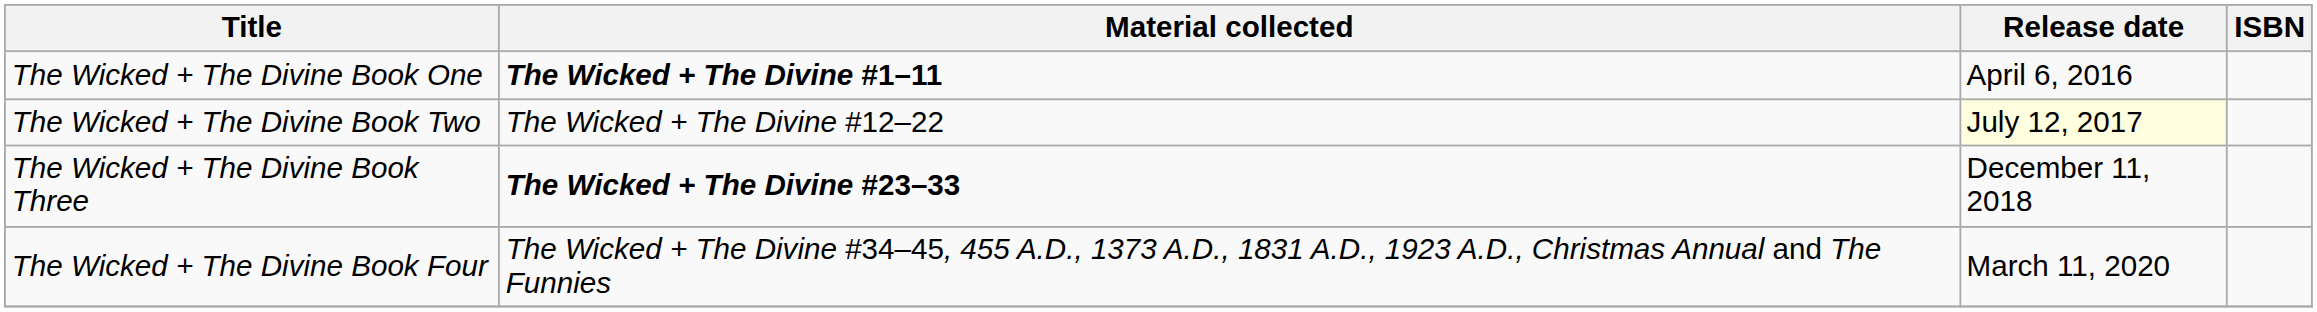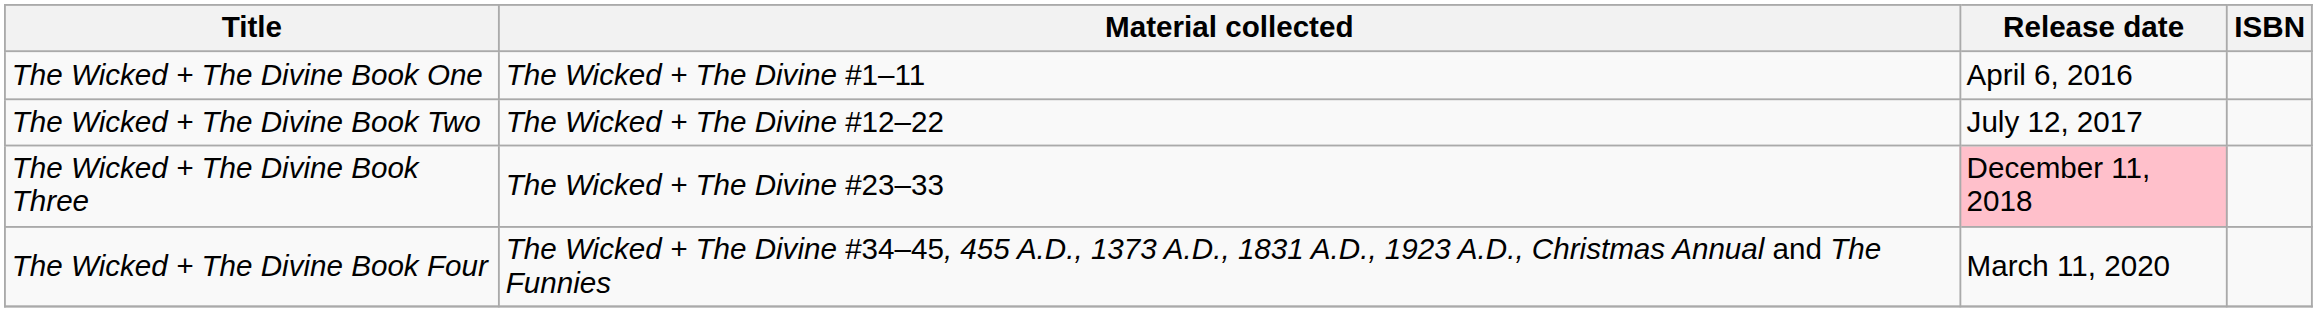 <table class="wikitable">
 <tr>
 <th>Title</th>
 <th>Material collected</th>
 <th>Release date</th>
 <th>ISBN</th>
 </tr>
 <tr>
 <td><em>The Wicked + The Divine Book One</em></td>
-<td><strong><em>The Wicked + The Divine</em> #1–11</strong></td>
+<td><em>The Wicked + The Divine</em> #1–11</td>
 <td>April 6, 2016</td>
 <td></td>
 </tr>
 <tr>
 <td><em>The Wicked + The Divine Book Two</em></td>
 <td><em>The Wicked + The Divine</em> #12–22</td>
-<td style="background: lightyellow;">July 12, 2017</td>
+<td>July 12, 2017</td>
 <td></td>
 </tr>
 <tr>
 <td><em>The Wicked + The Divine Book Three</em></td>
-<td><strong><em>The Wicked + The Divine</em> #23–33</strong></td>
-<td>December 11, 2018</td>
+<td><em>The Wicked + The Divine</em> #23–33</td>
+<td style="background: pink;">December 11, 2018</td>
 <td></td>
 </tr>
 <tr>
 <td><em>The Wicked + The Divine Book Four</em></td>
 <td><em>The Wicked + The Divine</em> #34–45<em>, 455 A.D., 1373 A.D., 1831 A.D., 1923 A.D., Christmas Annual</em> and <em>The Funnies</em></td>
 <td>March 11, 2020</td>
 <td></td>
 </tr>
 <tr>
 </tr>
 </table>
